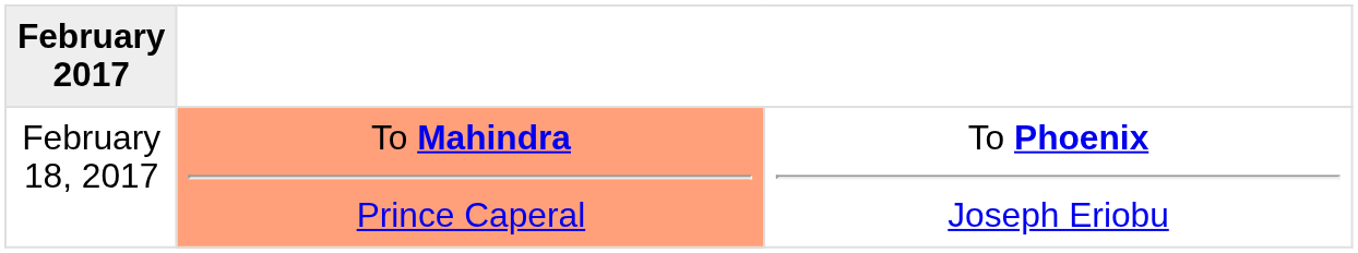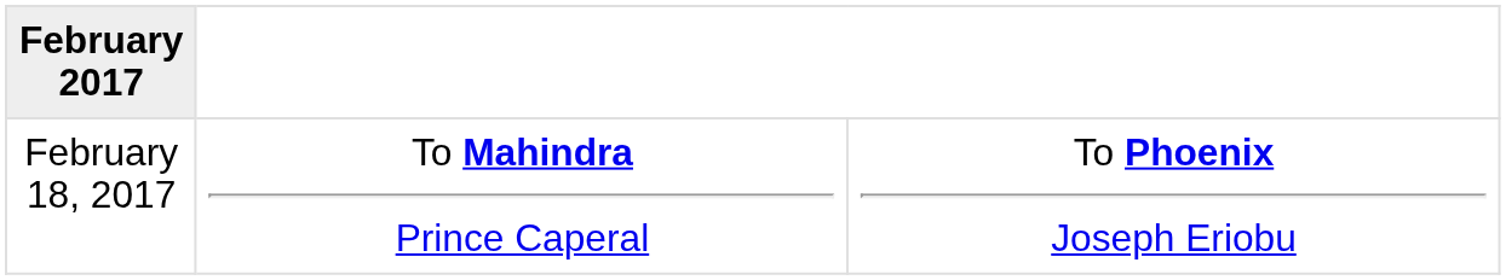 <table border=1 style="border-collapse:collapse; text-align: center; width: 100%" bordercolor="#DFDFDF"  cellpadding="5">
 <tr bgcolor="eeeeee">
 <th>February 2017</th>
 </tr>
 <tr>
 <td style="width:12%" valign="top">February 18, 2017</td>
-<td style="background: lightsalmon; width:44%" valign="top">To <strong><a href='#'>Mahindra</a></strong><hr><a href='#'>Prince Caperal</a></td>
+<td style="width:44%" valign="top">To <strong><a href='#'>Mahindra</a></strong><hr><a href='#'>Prince Caperal</a></td>
 <td style="width:44%" valign="top">To <strong><a href='#'>Phoenix</a></strong><hr><a href='#'>Joseph Eriobu</a></td>
 </tr>
 </table>
